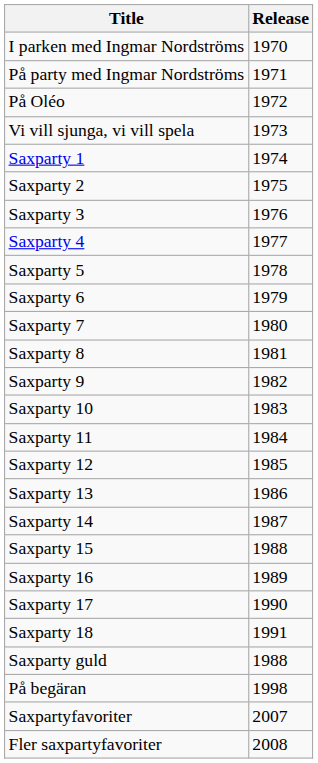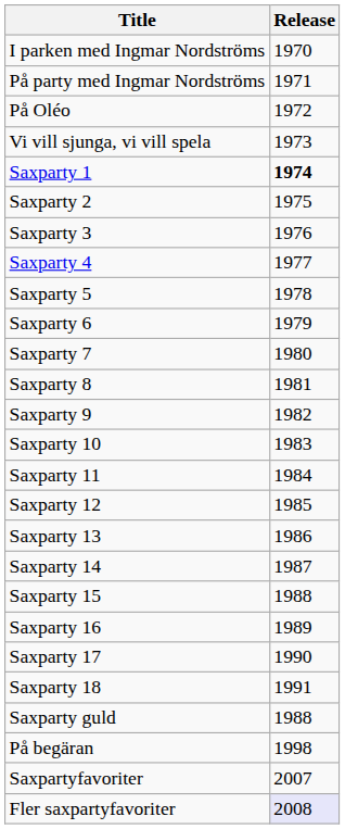 <table class=wikitable>
 <tr>
 <th>Title</th>
 <th>Release</th>
 </tr>
 <tr>
 <td>I parken med Ingmar Nordströms</td>
 <td>1970</td>
 </tr>
 <tr>
 <td>På party med Ingmar Nordströms</td>
 <td>1971</td>
 </tr>
 <tr>
 <td>På Oléo</td>
 <td>1972</td>
 </tr>
 <tr>
 <td>Vi vill sjunga, vi vill spela</td>
 <td>1973</td>
 </tr>
 <tr>
 <td><a href='#'>Saxparty 1</a></td>
-<td>1974</td>
+<td><strong>1974</strong></td>
 </tr>
 <tr>
 <td>Saxparty 2</td>
 <td>1975</td>
 </tr>
 <tr>
 <td>Saxparty 3</td>
 <td>1976</td>
 </tr>
 <tr>
 <td><a href='#'>Saxparty 4</a></td>
 <td>1977</td>
 </tr>
 <tr>
 <td>Saxparty 5</td>
 <td>1978</td>
 </tr>
 <tr>
 <td>Saxparty 6</td>
 <td>1979</td>
 </tr>
 <tr>
 <td>Saxparty 7</td>
 <td>1980</td>
 </tr>
 <tr>
 <td>Saxparty 8</td>
 <td>1981</td>
 </tr>
 <tr>
 <td>Saxparty 9</td>
 <td>1982</td>
 </tr>
 <tr>
 <td>Saxparty 10</td>
 <td>1983</td>
 </tr>
 <tr>
 <td>Saxparty 11</td>
 <td>1984</td>
 </tr>
 <tr>
 <td>Saxparty 12</td>
 <td>1985</td>
 </tr>
 <tr>
 <td>Saxparty 13</td>
 <td>1986</td>
 </tr>
 <tr>
 <td>Saxparty 14</td>
 <td>1987</td>
 </tr>
 <tr>
 <td>Saxparty 15</td>
 <td>1988</td>
 </tr>
 <tr>
 <td>Saxparty 16</td>
 <td>1989</td>
 </tr>
 <tr>
 <td>Saxparty 17</td>
 <td>1990</td>
 </tr>
 <tr>
 <td>Saxparty 18</td>
 <td>1991</td>
 </tr>
 <tr>
 <td>Saxparty guld</td>
 <td>1988</td>
 </tr>
 <tr>
 <td>På begäran</td>
 <td>1998</td>
 </tr>
 <tr>
 <td>Saxpartyfavoriter</td>
 <td>2007</td>
 </tr>
 <tr>
 <td>Fler saxpartyfavoriter</td>
-<td>2008</td>
+<td style="background: lavender;">2008</td>
 </tr>
 </table>
